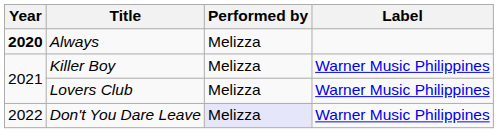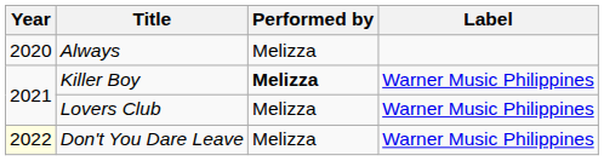 <table class="wikitable">
 <tr>
 <th>Year</th>
 <th>Title</th>
 <th>Performed by</th>
 <th>Label</th>
 </tr>
 <tr>
-<td><strong>2020</strong></td>
+<td>2020</td>
 <td><em>Always</em></td>
 <td>Melizza</td>
 <td></td>
 </tr>
 <tr>
 <td rowspan="2">2021</td>
 <td><em>Killer Boy</em></td>
-<td>Melizza</td>
+<td><strong>Melizza</strong></td>
 <td><a href='#'>Warner Music Philippines</a></td>
 </tr>
 <tr>
 <td><em>Lovers Club</em></td>
 <td>Melizza</td>
 <td><a href='#'>Warner Music Philippines</a></td>
 </tr>
 <tr>
-<td>2022</td>
+<td style="background: lightyellow;">2022</td>
 <td><em>Don't You Dare Leave</em></td>
-<td style="background: lavender;">Melizza</td>
+<td>Melizza</td>
 <td><a href='#'>Warner Music Philippines</a></td>
 </tr>
 </table>
